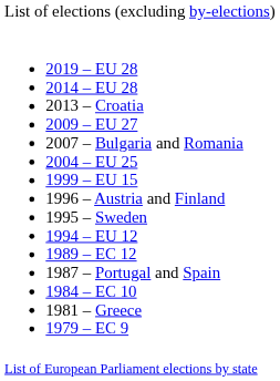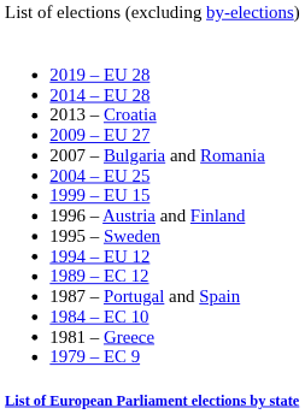 <table style="float:right">
 <tr>
 <td>List of elections (excluding <a href='#'>by-elections</a>)</td>
 </tr>
 <tr>
 <td valign=top><br><ul><li><a href='#'>2019 – EU 28</a></li><li><a href='#'>2014 – EU 28</a></li><li>2013 – <a href='#'>Croatia</a></li><li><a href='#'>2009 – EU 27</a></li><li>2007 – <a href='#'>Bulgaria</a> and <a href='#'>Romania</a></li><li><a href='#'>2004 – EU 25</a></li><li><a href='#'>1999 – EU 15</a></li><li>1996 – <a href='#'>Austria</a> and <a href='#'>Finland</a></li><li>1995 – <a href='#'>Sweden</a></li><li><a href='#'>1994 – EU 12</a></li><li><a href='#'>1989 – EC 12</a></li><li>1987 – <a href='#'>Portugal</a> and <a href='#'>Spain</a></li><li><a href='#'>1984 – EC 10</a></li><li>1981 – <a href='#'>Greece</a></li><li><a href='#'>1979 – EC 9</a></li></ul></td>
 </tr>
 <tr>
-<td><small><a href='#'>List of European Parliament elections by state</a></small></td>
+<td><strong><small><a href='#'>List of European Parliament elections by state</a></small></strong></td>
 </tr>
 </table>
